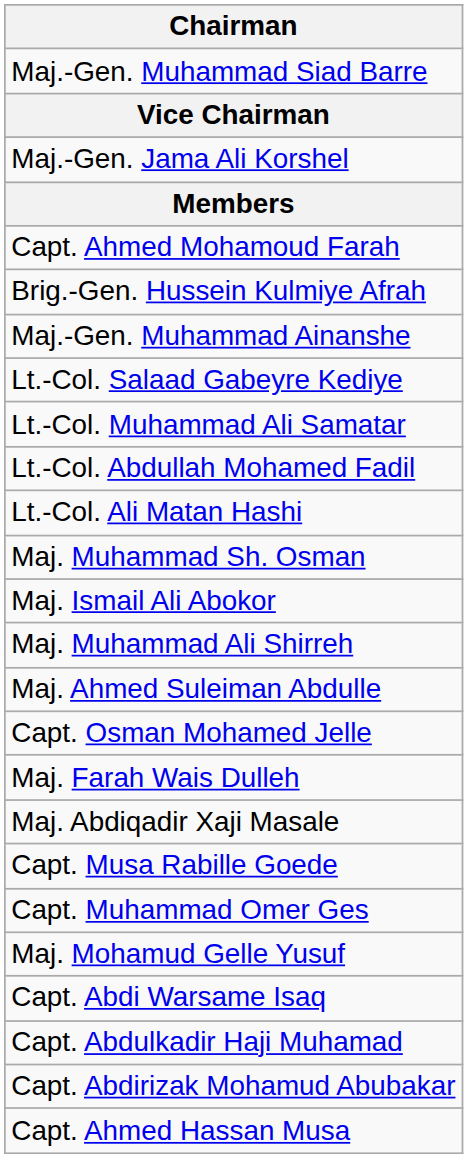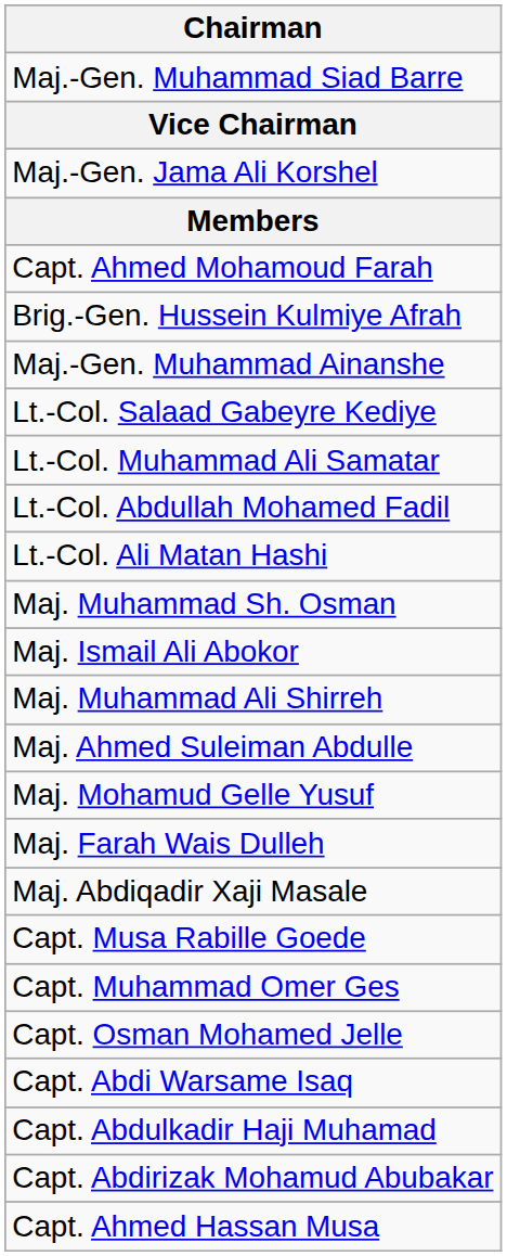 <table class="wikitable">
 <tr>
 <th>Chairman</th>
 </tr>
 <tr>
 <td>Maj.-Gen. <a href='#'>Muhammad Siad Barre</a></td>
 </tr>
 <tr>
 <th>Vice Chairman</th>
 </tr>
 <tr>
 <td>Maj.-Gen. <a href='#'>Jama Ali Korshel</a></td>
 </tr>
 <tr>
 <th>Members</th>
 </tr>
 <tr>
 <td>Capt. <a href='#'>Ahmed Mohamoud Farah</a></td>
 </tr>
 <tr>
 <td>Brig.-Gen. <a href='#'>Hussein Kulmiye Afrah</a></td>
 </tr>
 <tr>
 <td>Maj.-Gen. <a href='#'>Muhammad Ainanshe</a></td>
 </tr>
 <tr>
 <td>Lt.-Col. <a href='#'>Salaad Gabeyre Kediye</a></td>
 </tr>
 <tr>
 <td>Lt.-Col. <a href='#'>Muhammad Ali Samatar</a></td>
 </tr>
 <tr>
 <td>Lt.-Col. <a href='#'>Abdullah Mohamed Fadil</a></td>
 </tr>
 <tr>
 <td>Lt.-Col. <a href='#'>Ali Matan Hashi</a></td>
 </tr>
 <tr>
 <td>Maj. <a href='#'>Muhammad Sh. Osman</a></td>
 </tr>
 <tr>
 <td>Maj. <a href='#'>Ismail Ali Abokor</a></td>
 </tr>
 <tr>
 <td>Maj. <a href='#'>Muhammad Ali Shirreh</a></td>
 </tr>
 <tr>
 <td>Maj. <a href='#'>Ahmed Suleiman Abdulle</a></td>
 </tr>
 <tr>
-<td>Capt. <a href='#'>Osman Mohamed Jelle</a></td>
+<td>Maj. <a href='#'>Mohamud Gelle Yusuf</a></td>
 </tr>
 <tr>
 <td>Maj. <a href='#'>Farah Wais Dulleh</a></td>
 </tr>
 <tr>
 <td>Maj. Abdiqadir Xaji Masale</td>
 </tr>
 <tr>
 <td>Capt. <a href='#'>Musa Rabille Goede</a></td>
 </tr>
 <tr>
 <td>Capt. <a href='#'>Muhammad Omer Ges</a></td>
 </tr>
 <tr>
-<td>Maj. <a href='#'>Mohamud Gelle Yusuf</a></td>
+<td>Capt. <a href='#'>Osman Mohamed Jelle</a></td>
 </tr>
 <tr>
 <td>Capt.  <a href='#'>Abdi Warsame Isaq</a></td>
 </tr>
 <tr>
 <td>Capt. <a href='#'>Abdulkadir Haji Muhamad</a></td>
 </tr>
 <tr>
 <td>Capt. <a href='#'>Abdirizak Mohamud Abubakar</a></td>
 </tr>
 <tr>
 <td>Capt. <a href='#'>Ahmed Hassan Musa</a></td>
 </tr>
 </table>
